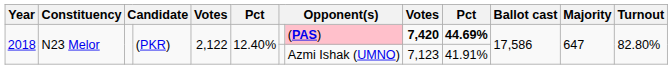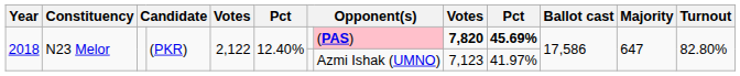 <table class="wikitable" style="margin:0.5em ; font-size:95%">
 <tr>
 <th>Year</th>
 <th>Constituency</th>
 <th colspan=2>Candidate</th>
 <th>Votes</th>
 <th>Pct</th>
 <th colspan=2>Opponent(s)</th>
 <th>Votes</th>
 <th>Pct</th>
 <th>Ballot cast</th>
 <th>Majority</th>
 <th>Turnout</th>
 </tr>
 <tr>
 <td rowspan=2><a href='#'>2018</a></td>
 <td rowspan=2>N23 <a href='#'>Melor</a></td>
 <td rowspan=2 ></td>
 <td rowspan=2> (<a href='#'>PKR</a>)</td>
 <td rowspan=2 align="right">2,122</td>
 <td rowspan=2>12.40%</td>
 <td></td>
 <td style="background: pink;"> (<a href='#'><strong>PAS</strong></a>)</td>
-<td align="right"><strong>7,420</strong></td>
-<td><strong>44.69%</strong></td>
+<td align="right"><strong>7,820</strong></td>
+<td><strong>45.69%</strong></td>
 <td rowspan=2>17,586</td>
 <td rowspan=2>647</td>
 <td rowspan=2>82.80%</td>
 </tr>
 <tr>
 <td></td>
 <td>Azmi Ishak (<a href='#'>UMNO</a>)</td>
 <td align="right">7,123</td>
-<td>41.91%</td>
+<td>41.97%</td>
 </tr>
 </table>
